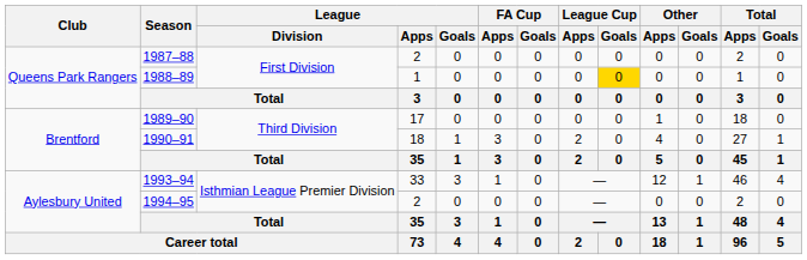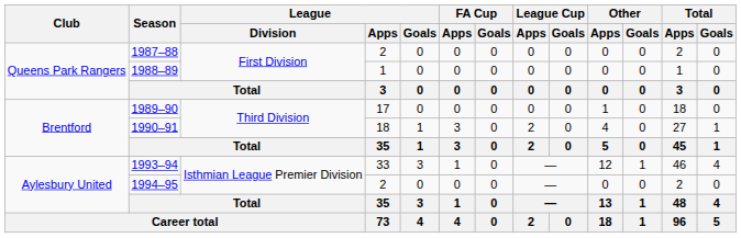 <table class="wikitable" style="text-align: center;">
 <tr>
 <th rowspan="2">Club</th>
 <th rowspan="2">Season</th>
 <th colspan="3">League</th>
 <th colspan="2">FA Cup</th>
 <th colspan="2">League Cup</th>
 <th colspan="2">Other</th>
 <th colspan="2">Total</th>
 </tr>
 <tr>
 <th>Division</th>
 <th>Apps</th>
 <th>Goals</th>
 <th>Apps</th>
 <th>Goals</th>
 <th>Apps</th>
 <th>Goals</th>
 <th>Apps</th>
 <th>Goals</th>
 <th>Apps</th>
 <th>Goals</th>
 </tr>
 <tr>
 <td rowspan="3"><a href='#'>Queens Park Rangers</a></td>
 <td><a href='#'>1987–88</a></td>
 <td rowspan="2"><a href='#'>First Division</a></td>
 <td>2</td>
 <td>0</td>
 <td>0</td>
 <td>0</td>
 <td>0</td>
 <td>0</td>
 <td>0</td>
 <td>0</td>
 <td>2</td>
 <td>0</td>
 </tr>
 <tr>
 <td><a href='#'>1988–89</a></td>
 <td>1</td>
 <td>0</td>
 <td>0</td>
 <td>0</td>
 <td>0</td>
-<td style="background: gold;">0</td>
+<td>0</td>
 <td>0</td>
 <td>0</td>
 <td>1</td>
 <td>0</td>
 </tr>
 <tr>
 <th colspan="2">Total</th>
 <th>3</th>
 <th>0</th>
 <th>0</th>
 <th>0</th>
 <th>0</th>
 <th>0</th>
 <th>0</th>
 <th>0</th>
 <th>3</th>
 <th>0</th>
 </tr>
 <tr>
 <td rowspan="3"><a href='#'>Brentford</a></td>
 <td><a href='#'>1989–90</a></td>
 <td rowspan="2"><a href='#'>Third Division</a></td>
 <td>17</td>
 <td>0</td>
 <td>0</td>
 <td>0</td>
 <td>0</td>
 <td>0</td>
 <td>1</td>
 <td>0</td>
 <td>18</td>
 <td>0</td>
 </tr>
 <tr>
 <td><a href='#'>1990–91</a></td>
 <td>18</td>
 <td>1</td>
 <td>3</td>
 <td>0</td>
 <td>2</td>
 <td>0</td>
 <td>4</td>
 <td>0</td>
 <td>27</td>
 <td>1</td>
 </tr>
 <tr>
 <th colspan="2">Total</th>
 <th>35</th>
 <th>1</th>
 <th>3</th>
 <th>0</th>
 <th>2</th>
 <th>0</th>
 <th>5</th>
 <th>0</th>
 <th>45</th>
 <th>1</th>
 </tr>
 <tr>
 <td rowspan="3"><a href='#'>Aylesbury United</a></td>
 <td><a href='#'>1993–94</a></td>
 <td rowspan="2"><a href='#'>Isthmian League</a> Premier Division</td>
 <td>33</td>
 <td>3</td>
 <td>1</td>
 <td>0</td>
 <td colspan="2">—</td>
 <td>12</td>
 <td>1</td>
 <td>46</td>
 <td>4</td>
 </tr>
 <tr>
 <td><a href='#'>1994–95</a></td>
 <td>2</td>
 <td>0</td>
 <td>0</td>
 <td>0</td>
 <td colspan="2">—</td>
 <td>0</td>
 <td>0</td>
 <td>2</td>
 <td>0</td>
 </tr>
 <tr>
 <th colspan="2">Total</th>
 <th>35</th>
 <th>3</th>
 <th>1</th>
 <th>0</th>
 <th colspan="2">—</th>
 <th>13</th>
 <th>1</th>
 <th>48</th>
 <th>4</th>
 </tr>
 <tr>
 <th colspan="3">Career total</th>
 <th>73</th>
 <th>4</th>
 <th>4</th>
 <th>0</th>
 <th>2</th>
 <th>0</th>
 <th>18</th>
 <th>1</th>
 <th>96</th>
 <th>5</th>
 </tr>
 </table>
